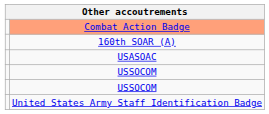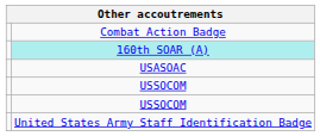 <table class="wikitable" style="margin:1em auto; text-align:center;">
 <tr>
 <th colspan="12"><strong>Other accoutrements</strong></th>
 </tr>
 <tr>
 <td></td>
-<td style="background: lightsalmon;"><a href='#'>Combat Action Badge</a></td>
+<td><a href='#'>Combat Action Badge</a></td>
 </tr>
 <tr>
 <td></td>
-<td><a href='#'>160th SOAR (A)</a> <br></td>
+<td style="background: paleturquoise;"><a href='#'>160th SOAR (A)</a> <br></td>
 </tr>
 <tr>
 <td></td>
 <td><a href='#'>USASOAC</a> <br></td>
 </tr>
 <tr>
 <td></td>
 <td><a href='#'>USSOCOM</a> <br></td>
 </tr>
 <tr>
 <td></td>
 <td><a href='#'>USSOCOM</a> <br></td>
 </tr>
 <tr>
 <td></td>
 <td><a href='#'>United States Army Staff Identification Badge</a></td>
 </tr>
 </table>
